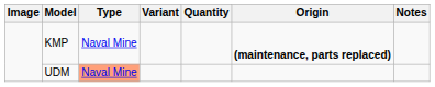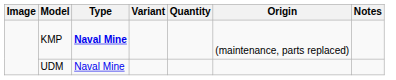 <table class="wikitable">
 <tr>
 <th>Image</th>
 <th>Model</th>
 <th>Type</th>
 <th>Variant</th>
 <th>Quantity</th>
 <th>Origin</th>
 <th>Notes</th>
 </tr>
 <tr>
 <td rowspan="2"></td>
 <td>KMP</td>
-<td><a href='#'>Naval Mine</a></td>
+<td><strong><a href='#'>Naval Mine</a></strong></td>
 <td></td>
 <td></td>
-<td><strong><br><br>(maintenance, parts replaced)</strong></td>
+<td><br><br>(maintenance, parts replaced)</td>
 <td></td>
 </tr>
 <tr>
 <td>UDM</td>
-<td style="background: lightsalmon;"><a href='#'>Naval Mine</a></td>
+<td><a href='#'>Naval Mine</a></td>
 <td></td>
 <td></td>
 <td></td>
 <td></td>
 </tr>
 </table>
